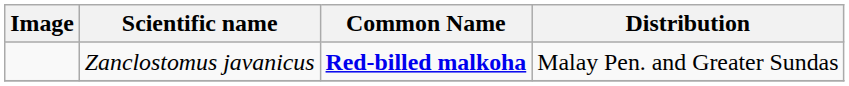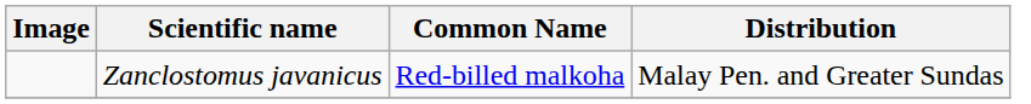 <table class="wikitable">
 <tr>
 <th>Image</th>
 <th>Scientific name</th>
 <th>Common Name</th>
 <th>Distribution</th>
 </tr>
 <tr>
 <td></td>
 <td><em>Zanclostomus javanicus</em></td>
-<td><strong><a href='#'>Red-billed malkoha</a></strong></td>
+<td><a href='#'>Red-billed malkoha</a></td>
 <td>Malay Pen. and Greater Sundas</td>
 </tr>
 <tr>
 </tr>
 </table>
